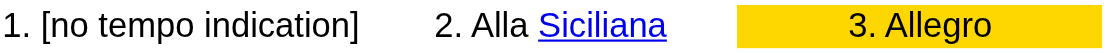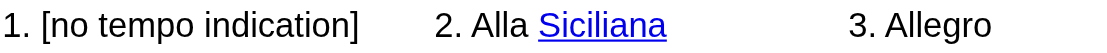 <table>
 <tr>
 <td colspan="3"></td>
 </tr>
 <tr>
 <td style="width: 33%; text-align: center;">1. [no tempo indication]</td>
 <td style="width: 33%; text-align: center;">2. Alla <a href='#'>Siciliana</a></td>
-<td style="background: gold; width: 33%; text-align: center;">3. Allegro</td>
+<td style="width: 33%; text-align: center;">3. Allegro</td>
 </tr>
 </table>
